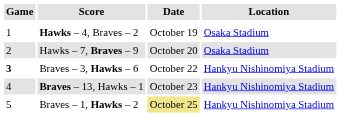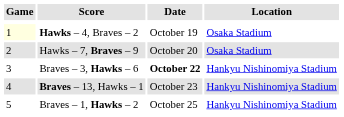 <table border="0" cellspacing="3" cellpadding="3">
 <tr style="background: #e3e3e3;">
 <th>Game</th>
 <th>Score</th>
 <th>Date</th>
 <th>Location</th>
 </tr>
 <tr style="background: #e3e3e3;">
 </tr>
 <tr>
-<td>1</td>
+<td style="background: lightyellow;">1</td>
 <td><strong>Hawks</strong> – 4, Braves – 2</td>
 <td>October 19</td>
 <td><a href='#'>Osaka Stadium</a></td>
 </tr>
 <tr style="background: #e3e3e3;">
 <td>2</td>
 <td>Hawks – 7, <strong>Braves</strong> – 9</td>
 <td>October 20</td>
 <td><a href='#'>Osaka Stadium</a></td>
 </tr>
 <tr>
-<td><strong>3</strong></td>
+<td>3</td>
 <td>Braves – 3, <strong>Hawks</strong> – 6</td>
-<td>October 22</td>
+<td><strong>October 22</strong></td>
 <td><a href='#'>Hankyu Nishinomiya Stadium</a></td>
 </tr>
 <tr style="background: #e3e3e3;">
 <td>4</td>
 <td><strong>Braves</strong> – 13, Hawks – 1</td>
 <td>October 23</td>
 <td><a href='#'>Hankyu Nishinomiya Stadium</a></td>
 </tr>
 <tr>
 <td>5</td>
 <td>Braves – 1, <strong>Hawks</strong> – 2</td>
-<td style="background: khaki;">October 25</td>
+<td>October 25</td>
 <td><a href='#'>Hankyu Nishinomiya Stadium</a></td>
 </tr>
 </table>
